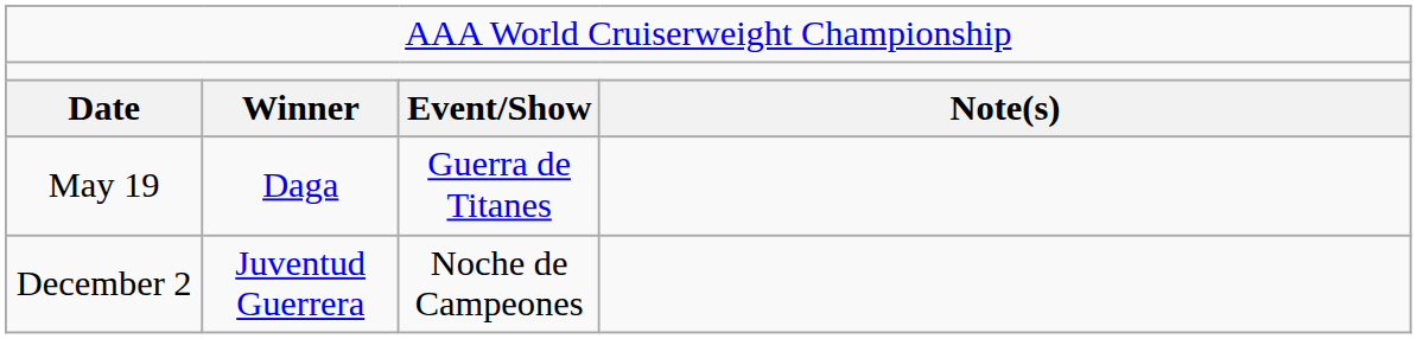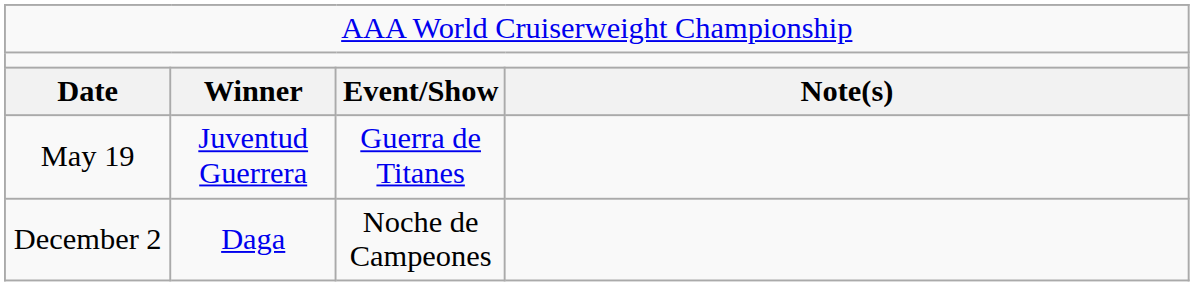 <table class="wikitable" style="text-align:center; width:100%;">
 <tr>
 <td colspan="5"><a href='#'>AAA World Cruiserweight Championship</a></td>
 </tr>
 <tr>
 <td colspan="5"><strong></strong></td>
 </tr>
 <tr>
 <th width="14%">Date</th>
 <th width="14%">Winner</th>
 <th width="14%">Event/Show</th>
 <th width="58%">Note(s)</th>
 </tr>
 <tr>
 <td>May 19</td>
-<td><a href='#'>Daga</a></td>
+<td><a href='#'>Juventud Guerrera</a></td>
 <td><a href='#'>Guerra de Titanes</a></td>
 <td align="left"></td>
 </tr>
 <tr>
 <td>December 2</td>
-<td><a href='#'>Juventud Guerrera</a></td>
+<td><a href='#'>Daga</a></td>
 <td>Noche de Campeones</td>
 <td align="left"></td>
 </tr>
 </table>
